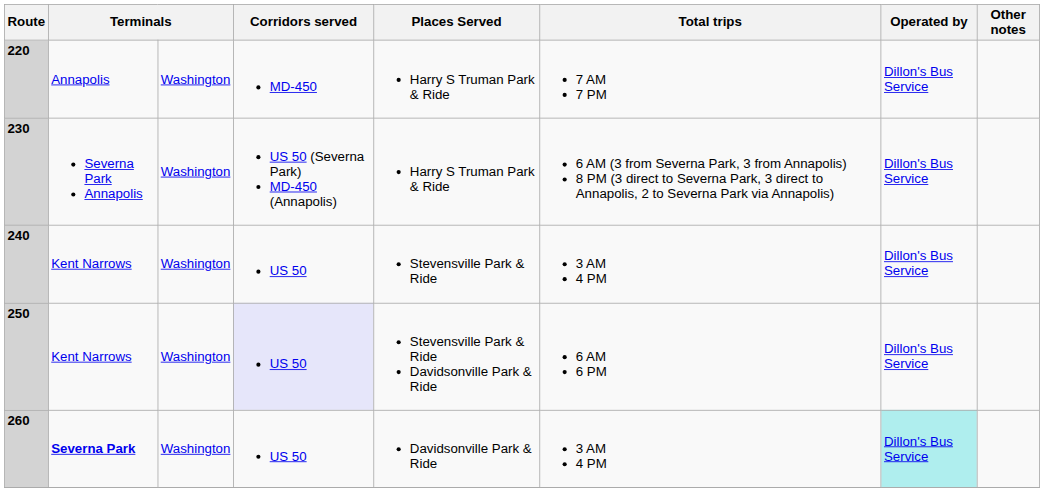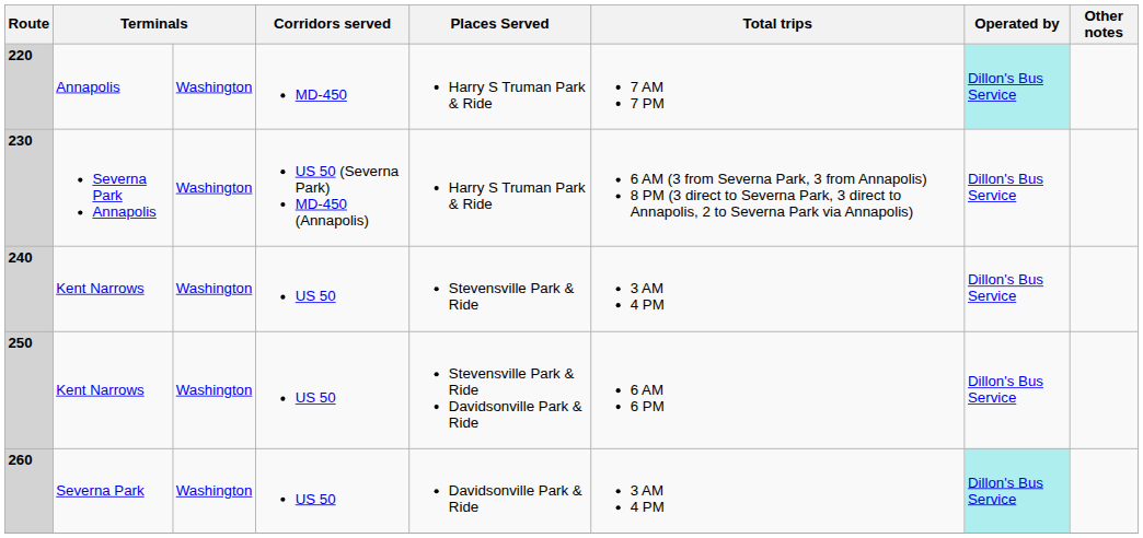 <table class="wikitable">
 <tr>
 <th>Route</th>
 <th colspan="2">Terminals</th>
 <th>Corridors served</th>
 <th>Places Served</th>
 <th>Total trips</th>
 <th>Operated by</th>
 <th>Other notes</th>
 </tr>
 <tr>
 <td style="background:lightgray; color:black; vertical-align:top"><div><strong>220</strong></div></td>
 <td><a href='#'>Annapolis</a></td>
 <td><a href='#'>Washington</a></td>
 <td><br><ul><li><a href='#'>MD-450</a></li></ul></td>
 <td><br><ul><li>Harry S Truman Park & Ride</li></ul></td>
 <td><br><ul><li>7 AM</li><li>7 PM</li></ul></td>
-<td><a href='#'>Dillon's Bus Service</a></td>
+<td style="background: paleturquoise;"><a href='#'>Dillon's Bus Service</a></td>
 <td></td>
 </tr>
 <tr>
 <td style="background:lightgray; color:black; vertical-align:top"><div><strong>230</strong></div></td>
 <td><br><ul><li><a href='#'>Severna Park</a></li><li><a href='#'>Annapolis</a></li></ul></td>
 <td><a href='#'>Washington</a></td>
 <td><br><ul><li><a href='#'>US 50</a> (Severna Park)</li><li><a href='#'>MD-450</a> (Annapolis)</li></ul></td>
 <td><br><ul><li>Harry S Truman Park & Ride</li></ul></td>
 <td><br><ul><li>6 AM (3 from Severna Park, 3 from Annapolis)</li><li>8 PM (3 direct to Severna Park, 3 direct to Annapolis, 2 to Severna Park via Annapolis)</li></ul></td>
 <td><a href='#'>Dillon's Bus Service</a></td>
 <td></td>
 </tr>
 <tr>
 <td style="background:lightgray; color:black; vertical-align:top"><div><strong>240</strong></div></td>
 <td><a href='#'>Kent Narrows</a></td>
 <td><a href='#'>Washington</a></td>
 <td><br><ul><li><a href='#'>US 50</a></li></ul></td>
 <td><br><ul><li>Stevensville Park & Ride</li></ul></td>
 <td><br><ul><li>3 AM</li><li>4 PM</li></ul></td>
 <td><a href='#'>Dillon's Bus Service</a></td>
 <td></td>
 </tr>
 <tr>
 <td style="background:lightgray; color:black; vertical-align:top"><div><strong>250</strong></div></td>
 <td><a href='#'>Kent Narrows</a></td>
 <td><a href='#'>Washington</a></td>
-<td style="background: lavender;"><br><ul><li><a href='#'>US 50</a></li></ul></td>
+<td><br><ul><li><a href='#'>US 50</a></li></ul></td>
 <td><br><ul><li>Stevensville Park & Ride</li><li>Davidsonville Park & Ride</li></ul></td>
 <td><br><ul><li>6 AM</li><li>6 PM</li></ul></td>
 <td><a href='#'>Dillon's Bus Service</a></td>
 <td></td>
 </tr>
 <tr>
 <td style="background:lightgray; color:black; vertical-align:top"><div><strong>260</strong></div></td>
-<td><strong><a href='#'>Severna Park</a></strong></td>
+<td><a href='#'>Severna Park</a></td>
 <td><a href='#'>Washington</a></td>
 <td><br><ul><li><a href='#'>US 50</a></li></ul></td>
 <td><br><ul><li>Davidsonville Park & Ride</li></ul></td>
 <td><br><ul><li>3 AM</li><li>4 PM</li></ul></td>
 <td style="background: paleturquoise;"><a href='#'>Dillon's Bus Service</a></td>
 <td></td>
 </tr>
 <tr>
 </tr>
 </table>
